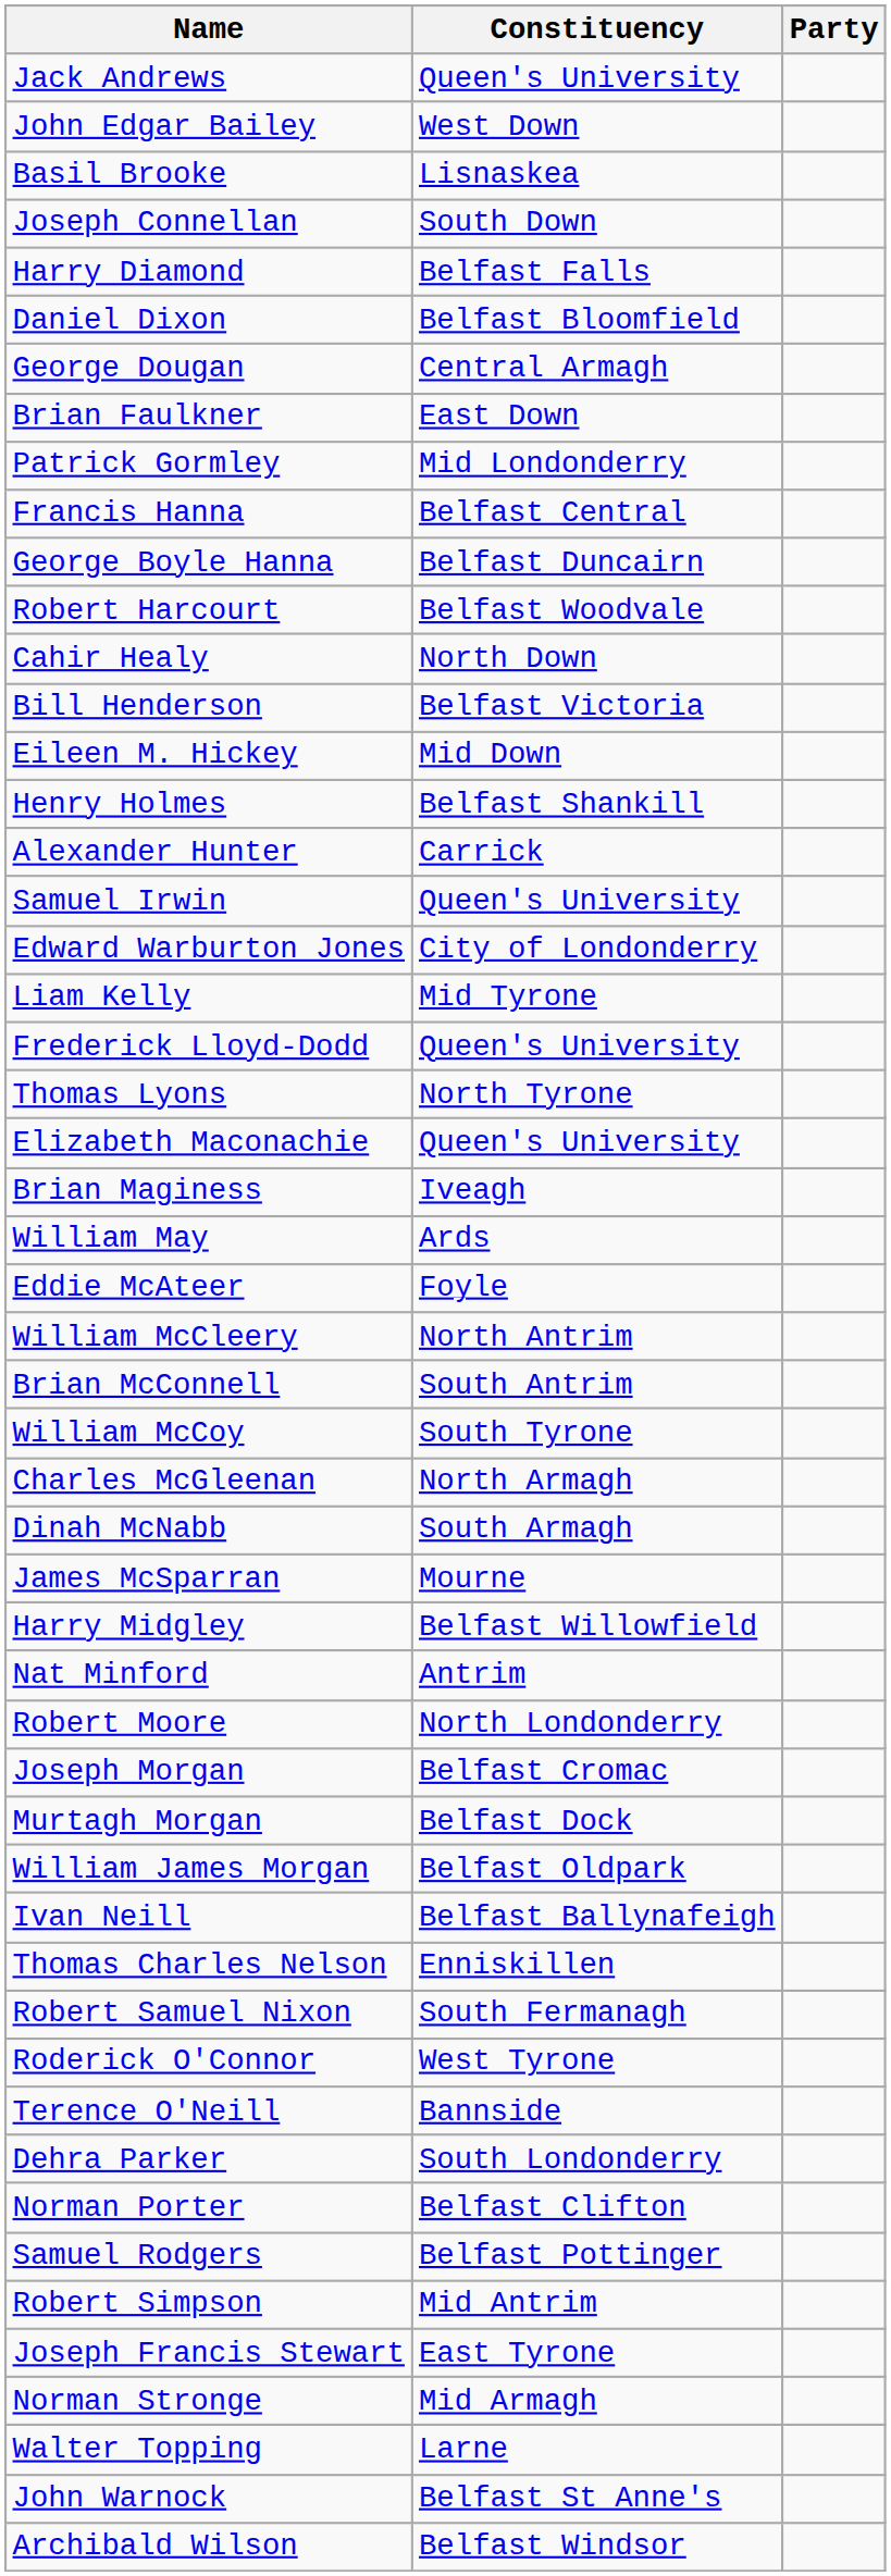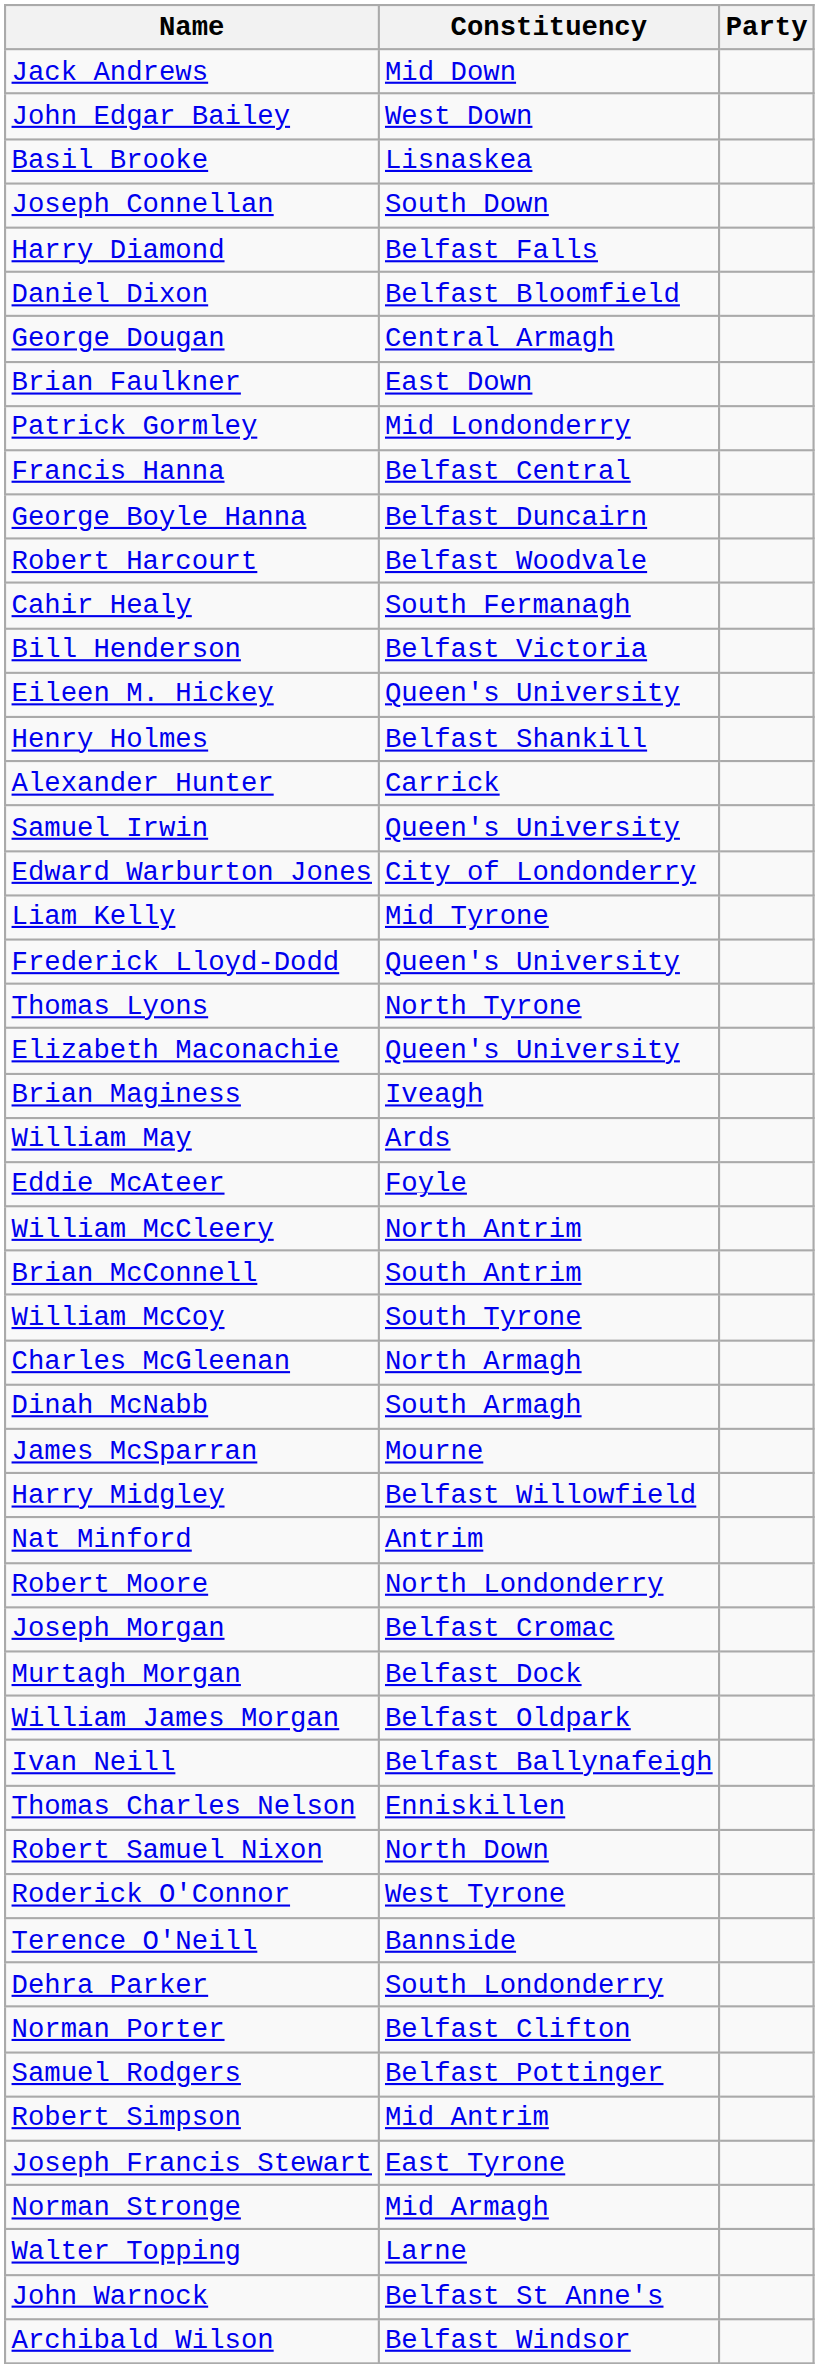 <table class="wikitable sortable">
 <tr>
 <th>Name</th>
 <th>Constituency</th>
 <th colspan=2>Party</th>
 </tr>
 <tr>
 <td><a href='#'>Jack Andrews</a></td>
-<td><a href='#'>Queen's University</a></td>
+<td><a href='#'>Mid Down</a></td>
 <td></td>
 </tr>
 <tr>
 <td><a href='#'>John Edgar Bailey</a></td>
 <td><a href='#'>West Down</a></td>
 <td></td>
 </tr>
 <tr>
 <td><a href='#'>Basil Brooke</a></td>
 <td><a href='#'>Lisnaskea</a></td>
 <td></td>
 </tr>
 <tr>
 <td><a href='#'>Joseph Connellan</a></td>
 <td><a href='#'>South Down</a></td>
 <td></td>
 </tr>
 <tr>
 <td><a href='#'>Harry Diamond</a></td>
 <td><a href='#'>Belfast Falls</a></td>
 <td></td>
 </tr>
 <tr>
 <td><a href='#'>Daniel Dixon</a></td>
 <td><a href='#'>Belfast Bloomfield</a></td>
 <td></td>
 </tr>
 <tr>
 <td><a href='#'>George Dougan</a></td>
 <td><a href='#'>Central Armagh</a></td>
 <td></td>
 </tr>
 <tr>
 <td><a href='#'>Brian Faulkner</a></td>
 <td><a href='#'>East Down</a></td>
 <td></td>
 </tr>
 <tr>
 <td><a href='#'>Patrick Gormley</a></td>
 <td><a href='#'>Mid Londonderry</a></td>
 <td></td>
 </tr>
 <tr>
 <td><a href='#'>Francis Hanna</a></td>
 <td><a href='#'>Belfast Central</a></td>
 <td></td>
 </tr>
 <tr>
 <td><a href='#'>George Boyle Hanna</a></td>
 <td><a href='#'>Belfast Duncairn</a></td>
 <td></td>
 </tr>
 <tr>
 <td><a href='#'>Robert Harcourt</a></td>
 <td><a href='#'>Belfast Woodvale</a></td>
 <td></td>
 </tr>
 <tr>
 <td><a href='#'>Cahir Healy</a></td>
-<td><a href='#'>North Down</a></td>
+<td><a href='#'>South Fermanagh</a></td>
 <td></td>
 </tr>
 <tr>
 <td><a href='#'>Bill Henderson</a></td>
 <td><a href='#'>Belfast Victoria</a></td>
 <td></td>
 </tr>
 <tr>
 <td><a href='#'>Eileen M. Hickey</a></td>
-<td><a href='#'>Mid Down</a></td>
+<td><a href='#'>Queen's University</a></td>
 <td></td>
 </tr>
 <tr>
 <td><a href='#'>Henry Holmes</a></td>
 <td><a href='#'>Belfast Shankill</a></td>
 <td></td>
 </tr>
 <tr>
 <td><a href='#'>Alexander Hunter</a></td>
 <td><a href='#'>Carrick</a></td>
 <td></td>
 </tr>
 <tr>
 <td><a href='#'>Samuel Irwin</a></td>
 <td><a href='#'>Queen's University</a></td>
 <td></td>
 </tr>
 <tr>
 <td><a href='#'>Edward Warburton Jones</a></td>
 <td><a href='#'>City of Londonderry</a></td>
 <td></td>
 </tr>
 <tr>
 <td><a href='#'>Liam Kelly</a></td>
 <td><a href='#'>Mid Tyrone</a></td>
 <td></td>
 </tr>
 <tr>
 <td><a href='#'>Frederick Lloyd-Dodd</a></td>
 <td><a href='#'>Queen's University</a></td>
 <td></td>
 </tr>
 <tr>
 <td><a href='#'>Thomas Lyons</a></td>
 <td><a href='#'>North Tyrone</a></td>
 <td></td>
 </tr>
 <tr>
 <td><a href='#'>Elizabeth Maconachie</a></td>
 <td><a href='#'>Queen's University</a></td>
 <td></td>
 </tr>
 <tr>
 <td><a href='#'>Brian Maginess</a></td>
 <td><a href='#'>Iveagh</a></td>
 <td></td>
 </tr>
 <tr>
 <td><a href='#'>William May</a></td>
 <td><a href='#'>Ards</a></td>
 <td></td>
 </tr>
 <tr>
 <td><a href='#'>Eddie McAteer</a></td>
 <td><a href='#'>Foyle</a></td>
 <td></td>
 </tr>
 <tr>
 <td><a href='#'>William McCleery</a></td>
 <td><a href='#'>North Antrim</a></td>
 <td></td>
 </tr>
 <tr>
 <td><a href='#'>Brian McConnell</a></td>
 <td><a href='#'>South Antrim</a></td>
 <td></td>
 </tr>
 <tr>
 <td><a href='#'>William McCoy</a></td>
 <td><a href='#'>South Tyrone</a></td>
 <td></td>
 </tr>
 <tr>
 <td><a href='#'>Charles McGleenan</a></td>
 <td><a href='#'>North Armagh</a></td>
 <td></td>
 </tr>
 <tr>
 <td><a href='#'>Dinah McNabb</a></td>
 <td><a href='#'>South Armagh</a></td>
 <td></td>
 </tr>
 <tr>
 <td><a href='#'>James McSparran</a></td>
 <td><a href='#'>Mourne</a></td>
 <td></td>
 </tr>
 <tr>
 <td><a href='#'>Harry Midgley</a></td>
 <td><a href='#'>Belfast Willowfield</a></td>
 <td></td>
 </tr>
 <tr>
 <td><a href='#'>Nat Minford</a></td>
 <td><a href='#'>Antrim</a></td>
 <td></td>
 </tr>
 <tr>
 <td><a href='#'>Robert Moore</a></td>
 <td><a href='#'>North Londonderry</a></td>
 <td></td>
 </tr>
 <tr>
 <td><a href='#'>Joseph Morgan</a></td>
 <td><a href='#'>Belfast Cromac</a></td>
 <td></td>
 </tr>
 <tr>
 <td><a href='#'>Murtagh Morgan</a></td>
 <td><a href='#'>Belfast Dock</a></td>
 <td></td>
 </tr>
 <tr>
 <td><a href='#'>William James Morgan</a></td>
 <td><a href='#'>Belfast Oldpark</a></td>
 <td></td>
 </tr>
 <tr>
 <td><a href='#'>Ivan Neill</a></td>
 <td><a href='#'>Belfast Ballynafeigh</a></td>
 <td></td>
 </tr>
 <tr>
 <td><a href='#'>Thomas Charles Nelson</a></td>
 <td><a href='#'>Enniskillen</a></td>
 <td></td>
 </tr>
 <tr>
 <td><a href='#'>Robert Samuel Nixon</a></td>
-<td><a href='#'>South Fermanagh</a></td>
+<td><a href='#'>North Down</a></td>
 <td></td>
 </tr>
 <tr>
 <td><a href='#'>Roderick O'Connor</a></td>
 <td><a href='#'>West Tyrone</a></td>
 <td></td>
 </tr>
 <tr>
 <td><a href='#'>Terence O'Neill</a></td>
 <td><a href='#'>Bannside</a></td>
 <td></td>
 </tr>
 <tr>
 <td><a href='#'>Dehra Parker</a></td>
 <td><a href='#'>South Londonderry</a></td>
 <td></td>
 </tr>
 <tr>
 <td><a href='#'>Norman Porter</a></td>
 <td><a href='#'>Belfast Clifton</a></td>
 <td></td>
 </tr>
 <tr>
 <td><a href='#'>Samuel Rodgers</a></td>
 <td><a href='#'>Belfast Pottinger</a></td>
 <td></td>
 </tr>
 <tr>
 <td><a href='#'>Robert Simpson</a></td>
 <td><a href='#'>Mid Antrim</a></td>
 <td></td>
 </tr>
 <tr>
 <td><a href='#'>Joseph Francis Stewart</a></td>
 <td><a href='#'>East Tyrone</a></td>
 <td></td>
 </tr>
 <tr>
 <td><a href='#'>Norman Stronge</a></td>
 <td><a href='#'>Mid Armagh</a></td>
 <td></td>
 </tr>
 <tr>
 <td><a href='#'>Walter Topping</a></td>
 <td><a href='#'>Larne</a></td>
 <td></td>
 </tr>
 <tr>
 <td><a href='#'>John Warnock</a></td>
 <td><a href='#'>Belfast St Anne's</a></td>
 <td></td>
 </tr>
 <tr>
 <td><a href='#'>Archibald Wilson</a></td>
 <td><a href='#'>Belfast Windsor</a></td>
 <td></td>
 </tr>
 </table>
